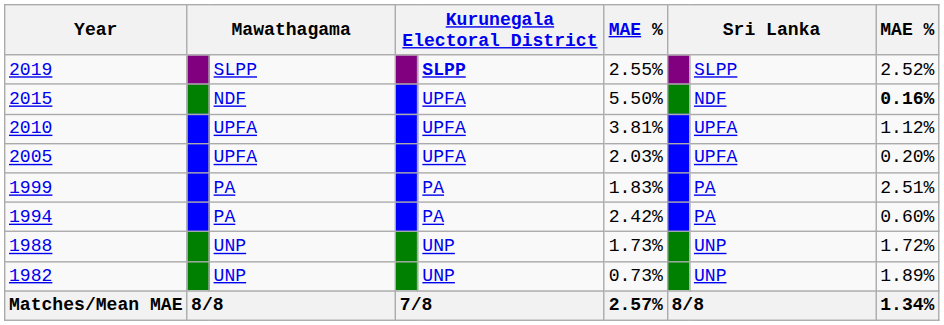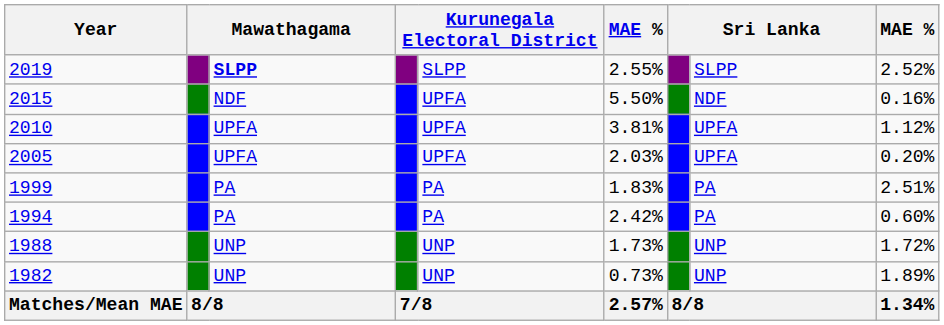 <table class="wikitable">
 <tr>
 <th>Year</th>
 <th colspan="2" width="144px">Mawathagama</th>
 <th colspan="2" width="144px"><a href='#'>Kurunegala Electoral District</a></th>
 <th><a href='#'>MAE</a> %</th>
 <th colspan="2" width="144px">Sri Lanka</th>
 <th>MAE %</th>
 </tr>
 <tr>
 <td><a href='#'>2019</a></td>
 <td style="background-color:purple;" width="10px"></td>
+<td style="text-align:left;"><strong><a href='#'>SLPP</a></strong></td>
+<td style="background-color:purple;" width="10px"></td>
 <td style="text-align:left;"><a href='#'>SLPP</a></td>
-<td style="background-color:purple;" width="10px"></td>
-<td style="text-align:left;"><strong><a href='#'>SLPP</a></strong></td>
 <td style="text-align:right;">2.55%</td>
 <td style="background-color:purple;" width="10px"></td>
 <td style="text-align:left;"><a href='#'>SLPP</a></td>
 <td style="text-align:right;">2.52%</td>
 </tr>
 <tr>
 <td><a href='#'>2015</a></td>
 <td style="background-color:green;" width="10px"></td>
 <td style="text-align:left;"><a href='#'>NDF</a></td>
 <td style="background-color:blue;" width="10px"></td>
 <td style="text-align:left;"><a href='#'>UPFA</a></td>
 <td style="text-align:right;">5.50%</td>
 <td style="background-color:green;" width="10px"></td>
 <td style="text-align:left;"><a href='#'>NDF</a></td>
-<td style="text-align:right;"><strong>0.16%</strong></td>
+<td style="text-align:right;">0.16%</td>
 </tr>
 <tr>
 <td><a href='#'>2010</a></td>
 <td style="background-color:blue;" width="10px"></td>
 <td style="text-align:left;"><a href='#'>UPFA</a></td>
 <td style="background-color:blue;" width="10px"></td>
 <td style="text-align:left;"><a href='#'>UPFA</a></td>
 <td style="text-align:right;">3.81%</td>
 <td style="background-color:blue;" width="10px"></td>
 <td style="text-align:left;"><a href='#'>UPFA</a></td>
 <td style="text-align:right;">1.12%</td>
 </tr>
 <tr>
 <td><a href='#'>2005</a></td>
 <td style="background-color:blue;" width="10px"></td>
 <td style="text-align:left;"><a href='#'>UPFA</a></td>
 <td style="background-color:blue;" width="10px"></td>
 <td style="text-align:left;"><a href='#'>UPFA</a></td>
 <td style="text-align:right;">2.03%</td>
 <td style="background-color:blue;" width="10px"></td>
 <td style="text-align:left;"><a href='#'>UPFA</a></td>
 <td style="text-align:right;">0.20%</td>
 </tr>
 <tr>
 <td><a href='#'>1999</a></td>
 <td style="background-color:blue;" width="10px"></td>
 <td style="text-align:left;"><a href='#'>PA</a></td>
 <td style="background-color:blue;" width="10px"></td>
 <td style="text-align:left;"><a href='#'>PA</a></td>
 <td style="text-align:right;">1.83%</td>
 <td style="background-color:blue;" width="10px"></td>
 <td style="text-align:left;"><a href='#'>PA</a></td>
 <td style="text-align:right;">2.51%</td>
 </tr>
 <tr>
 <td><a href='#'>1994</a></td>
 <td style="background-color:blue;" width="10px"></td>
 <td style="text-align:left;"><a href='#'>PA</a></td>
 <td style="background-color:blue;" width="10px"></td>
 <td style="text-align:left;"><a href='#'>PA</a></td>
 <td style="text-align:right;">2.42%</td>
 <td style="background-color:blue;" width="10px"></td>
 <td style="text-align:left;"><a href='#'>PA</a></td>
 <td style="text-align:right;">0.60%</td>
 </tr>
 <tr>
 <td><a href='#'>1988</a></td>
 <td style="background-color:green;" width="10px"></td>
 <td style="text-align:left;"><a href='#'>UNP</a></td>
 <td style="background-color:green;" width="10px"></td>
 <td style="text-align:left;"><a href='#'>UNP</a></td>
 <td style="text-align:right;">1.73%</td>
 <td style="background-color:green;" width="10px"></td>
 <td style="text-align:left;"><a href='#'>UNP</a></td>
 <td style="text-align:right;">1.72%</td>
 </tr>
 <tr>
 <td><a href='#'>1982</a></td>
 <td style="background-color:green;" width="10px"></td>
 <td style="text-align:left;"><a href='#'>UNP</a></td>
 <td style="background-color:green;" width="10px"></td>
 <td style="text-align:left;"><a href='#'>UNP</a></td>
 <td style="text-align:right;">0.73%</td>
 <td style="background-color:green;" width="10px"></td>
 <td style="text-align:left;"><a href='#'>UNP</a></td>
 <td style="text-align:right;">1.89%</td>
 </tr>
 <tr>
 <th>Matches/Mean MAE</th>
 <th style="text-align:left;"colspan="2" width="144px">8/8</th>
 <th style="text-align:left;"colspan="2" width="144px">7/8</th>
 <th style="text-align:right;">2.57%</th>
 <th style="text-align:left;"colspan="2" width="144px">8/8</th>
 <th style="text-align:right;">1.34%</th>
 </tr>
 </table>
